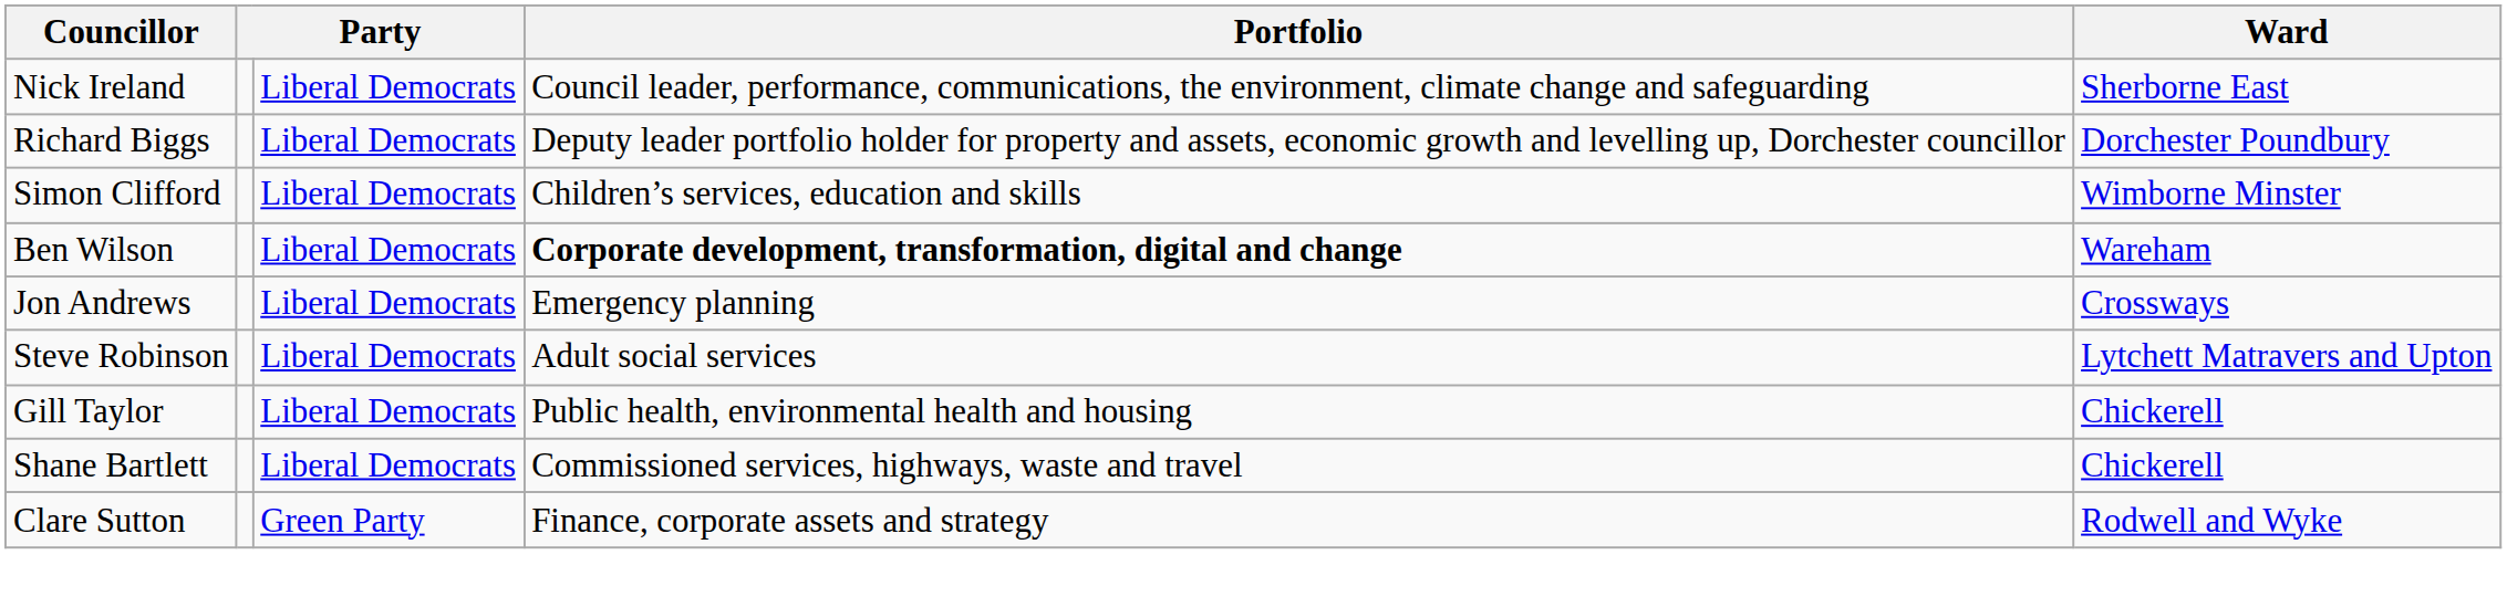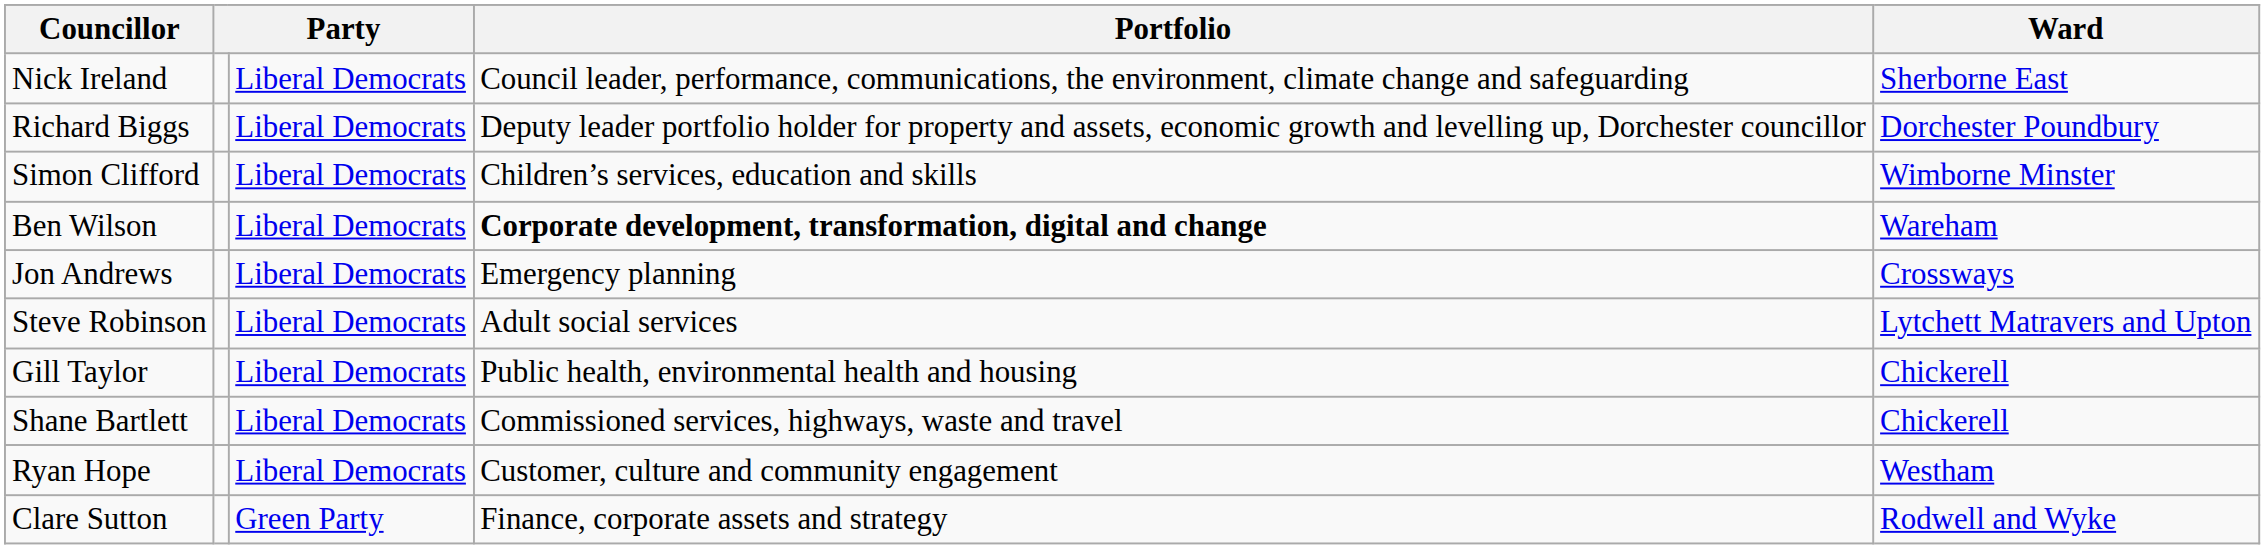 <table class="wikitable">
 <tr>
 <th>Councillor</th>
 <th colspan="2">Party</th>
 <th>Portfolio</th>
 <th>Ward</th>
 </tr>
 <tr>
 <td>Nick Ireland</td>
 <td></td>
 <td><a href='#'>Liberal Democrats</a></td>
 <td>Council leader, performance, communications, the environment, climate change and safeguarding</td>
 <td><a href='#'>Sherborne East</a></td>
 </tr>
 <tr>
 <td>Richard Biggs</td>
 <td></td>
 <td><a href='#'>Liberal Democrats</a></td>
 <td>Deputy leader portfolio holder for property and assets, economic growth and levelling up, Dorchester councillor</td>
 <td><a href='#'>Dorchester Poundbury</a></td>
 </tr>
 <tr>
 <td>Simon Clifford</td>
 <td></td>
 <td><a href='#'>Liberal Democrats</a></td>
 <td>Children’s services, education and skills</td>
 <td><a href='#'>Wimborne Minster</a></td>
 </tr>
 <tr>
 <td>Ben Wilson</td>
 <td></td>
 <td><a href='#'>Liberal Democrats</a></td>
 <td><strong>Corporate development, transformation, digital and change</strong></td>
 <td><a href='#'>Wareham</a></td>
 </tr>
 <tr>
 <td>Jon Andrews</td>
 <td></td>
 <td><a href='#'>Liberal Democrats</a></td>
 <td>Emergency planning</td>
 <td><a href='#'>Crossways</a></td>
 </tr>
 <tr>
 <td>Steve Robinson</td>
 <td></td>
 <td><a href='#'>Liberal Democrats</a></td>
 <td>Adult social services</td>
 <td><a href='#'>Lytchett Matravers and Upton</a></td>
 </tr>
 <tr>
 <td>Gill Taylor</td>
 <td></td>
 <td><a href='#'>Liberal Democrats</a></td>
 <td>Public health, environmental health and housing</td>
 <td><a href='#'>Chickerell</a></td>
 </tr>
 <tr>
 <td>Shane Bartlett</td>
 <td></td>
 <td><a href='#'>Liberal Democrats</a></td>
 <td>Commissioned services, highways, waste and travel</td>
 <td><a href='#'>Chickerell</a></td>
 </tr>
 <tr>
+<td>Ryan Hope</td>
+<td></td>
+<td><a href='#'>Liberal Democrats</a></td>
+<td>Customer, culture and community engagement</td>
+<td><a href='#'>Westham</a></td>
+</tr>
+<tr>
 <td>Clare Sutton</td>
 <td></td>
 <td><a href='#'>Green Party</a></td>
 <td>Finance, corporate assets and strategy</td>
 <td><a href='#'>Rodwell and Wyke</a></td>
 </tr>
 </table>
